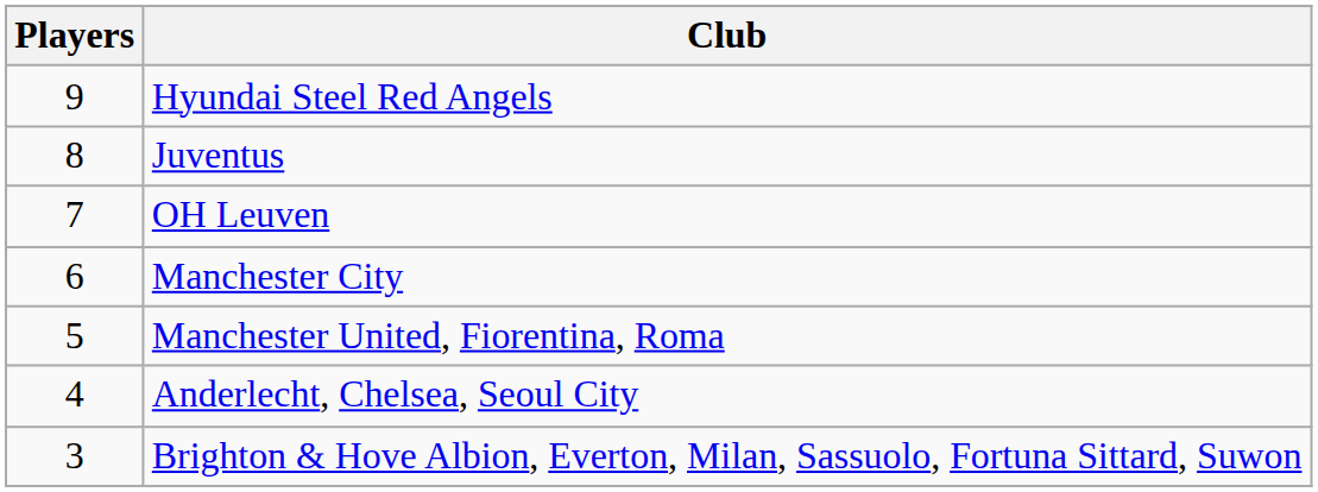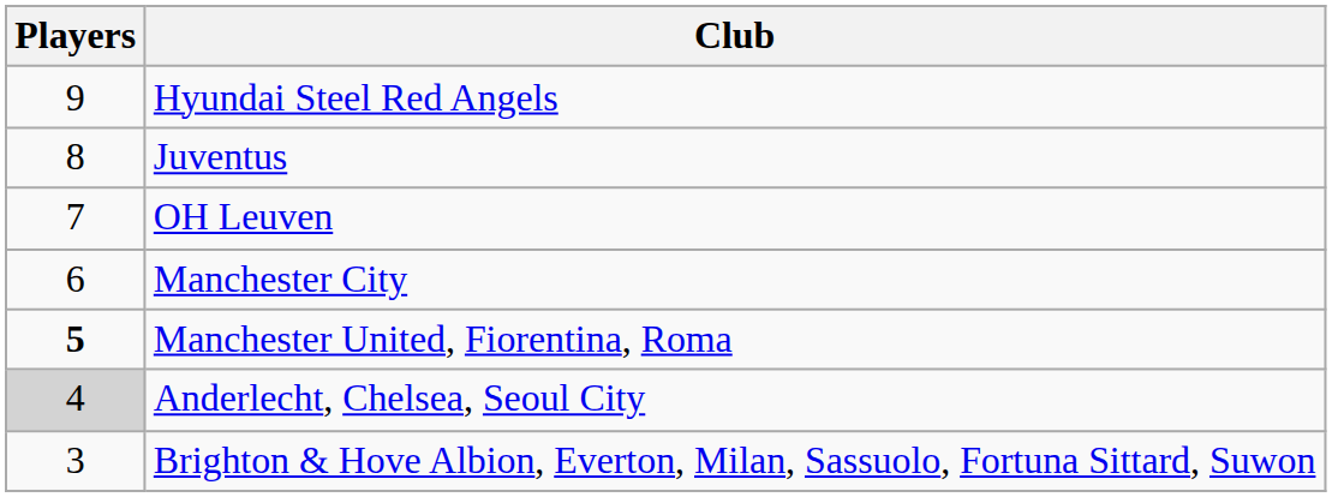 <table class="wikitable">
 <tr>
 <th>Players</th>
 <th>Club</th>
 </tr>
 <tr>
 <td align="center">9</td>
 <td> <a href='#'>Hyundai Steel Red Angels</a></td>
 </tr>
 <tr>
 <td align="center">8</td>
 <td> <a href='#'>Juventus</a></td>
 </tr>
 <tr>
 <td align="center">7</td>
 <td> <a href='#'>OH Leuven</a></td>
 </tr>
 <tr>
 <td align="center">6</td>
 <td> <a href='#'>Manchester City</a></td>
 </tr>
 <tr>
-<td align="center">5</td>
+<td align="center"><strong>5</strong></td>
 <td> <a href='#'>Manchester United</a>,  <a href='#'>Fiorentina</a>,  <a href='#'>Roma</a></td>
 </tr>
 <tr>
-<td align="center">4</td>
+<td align="center" style="background: lightgrey;">4</td>
 <td> <a href='#'>Anderlecht</a>,  <a href='#'>Chelsea</a>,  <a href='#'>Seoul City</a></td>
 </tr>
 <tr>
 <td align="center">3</td>
 <td> <a href='#'>Brighton & Hove Albion</a>,  <a href='#'>Everton</a>,  <a href='#'>Milan</a>,  <a href='#'>Sassuolo</a>,  <a href='#'>Fortuna Sittard</a>,  <a href='#'>Suwon</a></td>
 </tr>
 </table>
